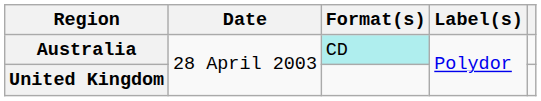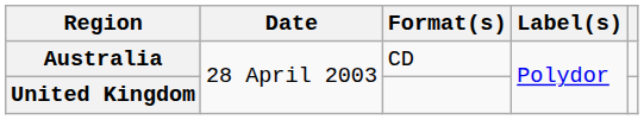 <table class="wikitable plainrowheaders">
 <tr>
 <th scope="col">Region</th>
 <th scope="col">Date</th>
 <th scope="col">Format(s)</th>
 <th scope="col">Label(s)</th>
 <th scope="col"></th>
 </tr>
 <tr>
 <th scope="row">Australia</th>
 <td rowspan="2">28 April 2003</td>
-<td style="background: paleturquoise;">CD</td>
+<td>CD</td>
 <td rowspan="2"><a href='#'>Polydor</a></td>
 <td align="center"></td>
 </tr>
 <tr>
 <th scope="row">United Kingdom</th>
 <td></td>
 <td align="center"></td>
 </tr>
 </table>
